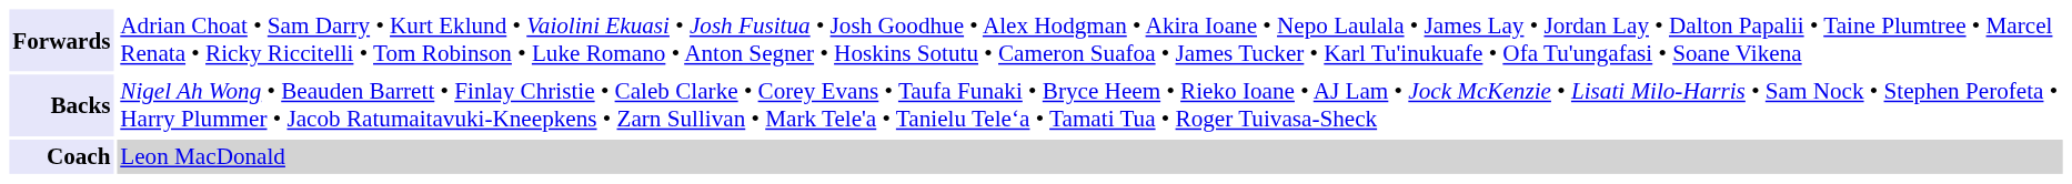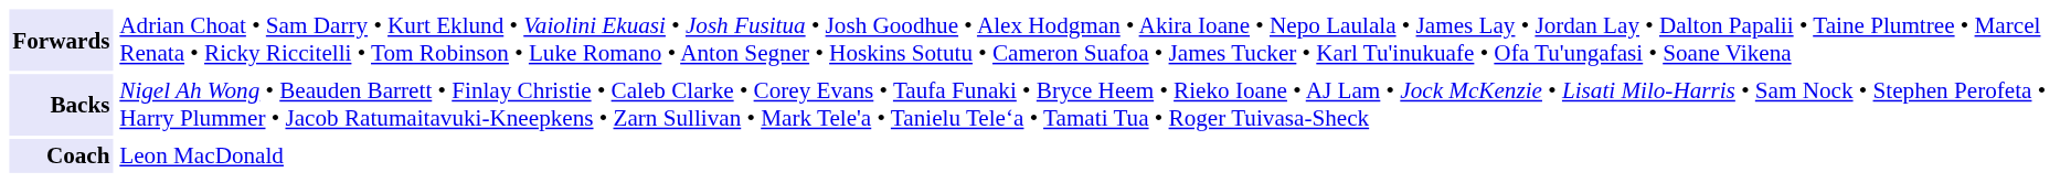 <table cellpadding="2" style="border: 1px solid white; font-size:90%">
 <tr>
 <td style="text-align:right;" bgcolor="lavender"><strong>Forwards</strong></td>
 <td style="text-align:left;"><a href='#'>Adrian Choat</a> • <a href='#'>Sam Darry</a> • <a href='#'>Kurt Eklund</a> • <em><a href='#'>Vaiolini Ekuasi</a></em> • <em><a href='#'>Josh Fusitua</a></em> • <a href='#'>Josh Goodhue</a> • <a href='#'>Alex Hodgman</a> • <a href='#'>Akira Ioane</a> • <a href='#'>Nepo Laulala</a> • <a href='#'>James Lay</a> • <a href='#'>Jordan Lay</a> • <a href='#'>Dalton Papalii</a> • <a href='#'>Taine Plumtree</a> • <a href='#'>Marcel Renata</a> • <a href='#'>Ricky Riccitelli</a> • <a href='#'>Tom Robinson</a> • <a href='#'>Luke Romano</a> • <a href='#'>Anton Segner</a> • <a href='#'>Hoskins Sotutu</a> • <a href='#'>Cameron Suafoa</a> • <a href='#'>James Tucker</a> • <a href='#'>Karl Tu'inukuafe</a> • <a href='#'>Ofa Tu'ungafasi</a> • <a href='#'>Soane Vikena</a></td>
 </tr>
 <tr>
 <td style="text-align:right;" bgcolor="lavender"><strong>Backs</strong></td>
 <td style="text-align:left;"><em><a href='#'>Nigel Ah Wong</a></em> • <a href='#'>Beauden Barrett</a> • <a href='#'>Finlay Christie</a> • <a href='#'>Caleb Clarke</a> • <a href='#'>Corey Evans</a> • <a href='#'>Taufa Funaki</a> • <a href='#'>Bryce Heem</a> • <a href='#'>Rieko Ioane</a> • <a href='#'>AJ Lam</a> • <em><a href='#'>Jock McKenzie</a></em> • <em><a href='#'>Lisati Milo-Harris</a></em> • <a href='#'>Sam Nock</a> • <a href='#'>Stephen Perofeta</a> • <a href='#'>Harry Plummer</a> • <a href='#'>Jacob Ratumaitavuki-Kneepkens</a> • <a href='#'>Zarn Sullivan</a> • <a href='#'>Mark Tele'a</a> • <a href='#'>Tanielu Teleʻa</a> • <a href='#'>Tamati Tua</a> • <a href='#'>Roger Tuivasa-Sheck</a></td>
 </tr>
 <tr>
 <td style="text-align:right;" bgcolor="lavender"><strong>Coach</strong></td>
-<td style="background: lightgrey; text-align:left;"><a href='#'>Leon MacDonald</a></td>
+<td style="text-align:left;"><a href='#'>Leon MacDonald</a></td>
 </tr>
 </table>
